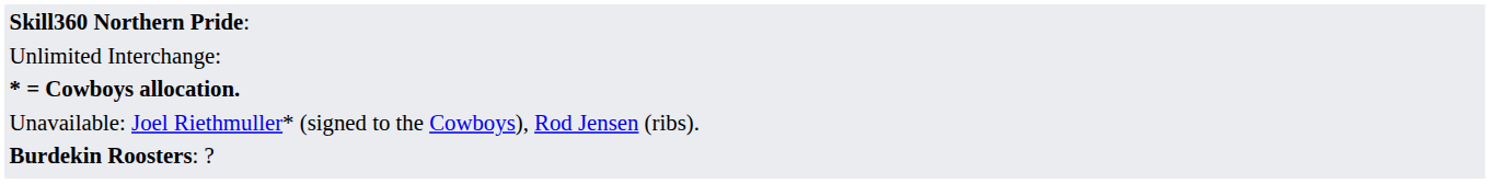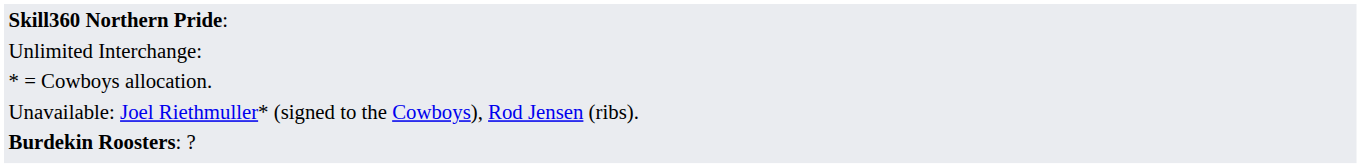 <table style="background:#eaecf0; font-size:85%; width:100%;">
 <tr>
 <td><strong>Skill360 Northern Pride</strong>:             </td>
 </tr>
 <tr>
 <td>Unlimited Interchange:      </td>
 </tr>
 <tr>
-<td><strong>* = Cowboys allocation.</strong></td>
+<td>* = Cowboys allocation.</td>
 </tr>
 <tr>
 <td>Unavailable: <a href='#'>Joel Riethmuller</a>* (signed to the <a href='#'>Cowboys</a>), <a href='#'>Rod Jensen</a> (ribs).</td>
 </tr>
 <tr>
 <td><strong>Burdekin Roosters</strong>: ?</td>
 </tr>
 <tr>
 </tr>
 </table>
